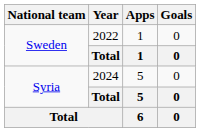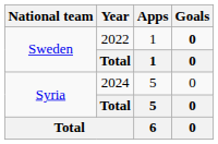 <table class="wikitable" style="text-align:center">
 <tr>
 <th>National team</th>
 <th>Year</th>
 <th>Apps</th>
 <th>Goals</th>
 </tr>
 <tr>
 <td rowspan="2"><a href='#'>Sweden</a></td>
 <td>2022</td>
 <td>1</td>
-<td>0</td>
+<td><strong>0</strong></td>
 </tr>
 <tr>
 <th>Total</th>
 <th>1</th>
 <th>0</th>
 </tr>
 <tr>
 <td rowspan="2"><a href='#'>Syria</a></td>
 <td>2024</td>
 <td>5</td>
 <td>0</td>
 </tr>
 <tr>
 <th>Total</th>
 <th>5</th>
 <th>0</th>
 </tr>
 <tr>
 <th colspan="2">Total</th>
 <th>6</th>
 <th>0</th>
 </tr>
 </table>
